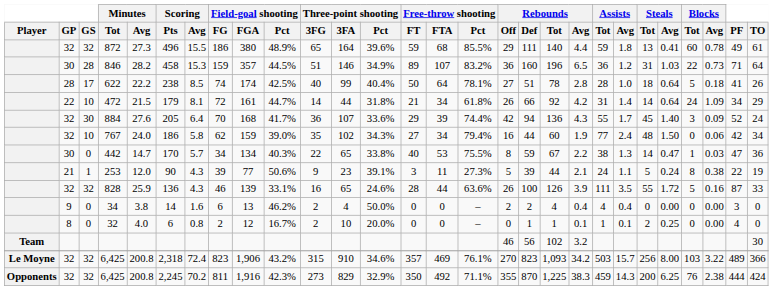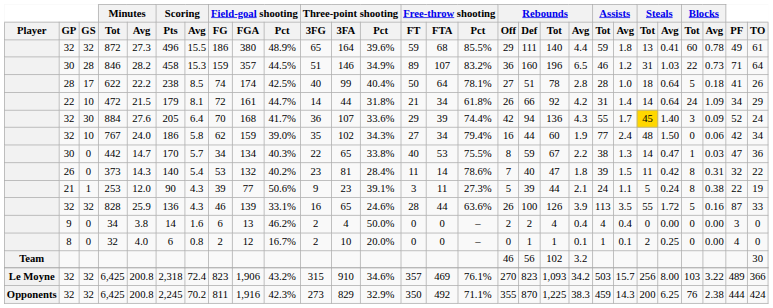 <table class="wikitable sortable" border="1" style="font-size:90%; text-align:center;">
 <tr>
 <th colspan="3" style="background:white; border-top-style:hidden; border-left-style:hidden;"> </th>
 <th colspan="2">Minutes</th>
 <th colspan="2">Scoring</th>
 <th colspan="3"><a href='#'><span>Field-goal</span></a> shooting</th>
 <th colspan="3">Three-point shooting</th>
 <th colspan="3"><a href='#'><span>Free-throw</span></a> shooting</th>
 <th colspan="4"><a href='#'><span>Rebounds</span></a></th>
 <th colspan="2"><a href='#'><span>Assists</span></a></th>
 <th colspan="2"><a href='#'><span>Steals</span></a></th>
 <th colspan="2"><a href='#'><span>Blocks</span></a></th>
 <th colspan="2" style="background:white; border-top-style:hidden; border-right-style:hidden;"> </th>
 </tr>
 <tr>
 <th scope="col">Player</th>
 <th scope="col">GP</th>
 <th scope="col">GS</th>
 <th scope="col">Tot</th>
 <th scope="col">Avg</th>
 <th scope="col">Pts</th>
 <th scope="col">Avg</th>
 <th scope="col">FG</th>
 <th scope="col">FGA</th>
 <th scope="col">Pct</th>
 <th scope="col">3FG</th>
 <th scope="col">3FA</th>
 <th scope="col">Pct</th>
 <th scope="col">FT</th>
 <th scope="col">FTA</th>
 <th scope="col">Pct</th>
 <th scope="col">Off</th>
 <th scope="col">Def</th>
 <th scope="col">Tot</th>
 <th scope="col">Avg</th>
 <th scope="col">Tot</th>
 <th scope="col">Avg</th>
 <th scope="col">Tot</th>
 <th scope="col">Avg</th>
 <th scope="col">Tot</th>
 <th scope="col">Avg</th>
 <th scope="col">PF</th>
 <th scope="col">TO</th>
 </tr>
 <tr>
 <th style=white-space:nowrap></th>
 <td>32</td>
 <td>32</td>
 <td>872</td>
 <td>27.3</td>
 <td>496</td>
 <td>15.5</td>
 <td>186</td>
 <td>380</td>
 <td>48.9%</td>
 <td>65</td>
 <td>164</td>
 <td>39.6%</td>
 <td>59</td>
 <td>68</td>
 <td>85.5%</td>
 <td>29</td>
 <td>111</td>
 <td>140</td>
 <td>4.4</td>
 <td>59</td>
 <td>1.8</td>
 <td>13</td>
 <td>0.41</td>
 <td>60</td>
 <td>0.78</td>
 <td>49</td>
 <td>61</td>
 </tr>
 <tr>
 <th style=white-space:nowrap></th>
 <td>30</td>
 <td>28</td>
 <td>846</td>
 <td>28.2</td>
 <td>458</td>
 <td>15.3</td>
 <td>159</td>
 <td>357</td>
 <td>44.5%</td>
 <td>51</td>
 <td>146</td>
 <td>34.9%</td>
 <td>89</td>
 <td>107</td>
 <td>83.2%</td>
 <td>36</td>
 <td>160</td>
 <td>196</td>
 <td>6.5</td>
-<td>36</td>
+<td>46</td>
 <td>1.2</td>
 <td>31</td>
 <td>1.03</td>
 <td>22</td>
 <td>0.73</td>
 <td>71</td>
 <td>64</td>
 </tr>
 <tr>
 <th style=white-space:nowrap></th>
 <td>28</td>
 <td>17</td>
 <td>622</td>
 <td>22.2</td>
 <td>238</td>
 <td>8.5</td>
 <td>74</td>
 <td>174</td>
 <td>42.5%</td>
 <td>40</td>
 <td>99</td>
 <td>40.4%</td>
 <td>50</td>
 <td>64</td>
 <td>78.1%</td>
 <td>27</td>
 <td>51</td>
 <td>78</td>
 <td>2.8</td>
 <td>28</td>
 <td>1.0</td>
 <td>18</td>
 <td>0.64</td>
 <td>5</td>
 <td>0.18</td>
 <td>41</td>
 <td>26</td>
 </tr>
 <tr>
 <th style=white-space:nowrap></th>
 <td>22</td>
 <td>10</td>
 <td>472</td>
 <td>21.5</td>
 <td>179</td>
 <td>8.1</td>
 <td>72</td>
 <td>161</td>
 <td>44.7%</td>
 <td>14</td>
 <td>44</td>
 <td>31.8%</td>
 <td>21</td>
 <td>34</td>
 <td>61.8%</td>
 <td>26</td>
 <td>66</td>
 <td>92</td>
 <td>4.2</td>
 <td>31</td>
 <td>1.4</td>
 <td>14</td>
 <td>0.64</td>
 <td>24</td>
 <td>1.09</td>
 <td>34</td>
 <td>29</td>
 </tr>
 <tr>
 <th style=white-space:nowrap></th>
 <td>32</td>
 <td>30</td>
 <td>884</td>
 <td>27.6</td>
 <td>205</td>
 <td>6.4</td>
 <td>70</td>
 <td>168</td>
 <td>41.7%</td>
 <td>36</td>
 <td>107</td>
 <td>33.6%</td>
 <td>29</td>
 <td>39</td>
 <td>74.4%</td>
 <td>42</td>
 <td>94</td>
 <td>136</td>
 <td>4.3</td>
 <td>55</td>
 <td>1.7</td>
-<td>45</td>
+<td style="background: gold;">45</td>
 <td>1.40</td>
 <td>3</td>
 <td>0.09</td>
 <td>52</td>
 <td>24</td>
 </tr>
 <tr>
 <th style=white-space:nowrap></th>
 <td>32</td>
 <td>10</td>
 <td>767</td>
 <td>24.0</td>
 <td>186</td>
 <td>5.8</td>
 <td>62</td>
 <td>159</td>
 <td>39.0%</td>
 <td>35</td>
 <td>102</td>
 <td>34.3%</td>
 <td>27</td>
 <td>34</td>
 <td>79.4%</td>
 <td>16</td>
 <td>44</td>
 <td>60</td>
 <td>1.9</td>
 <td>77</td>
 <td>2.4</td>
 <td>48</td>
 <td>1.50</td>
 <td>0</td>
 <td>0.06</td>
 <td>42</td>
 <td>34</td>
 </tr>
 <tr>
 <th style=white-space:nowrap></th>
 <td>30</td>
 <td>0</td>
 <td>442</td>
 <td>14.7</td>
 <td>170</td>
 <td>5.7</td>
 <td>34</td>
 <td>134</td>
 <td>40.3%</td>
 <td>22</td>
 <td>65</td>
 <td>33.8%</td>
 <td>40</td>
 <td>53</td>
 <td>75.5%</td>
 <td>8</td>
 <td>59</td>
 <td>67</td>
 <td>2.2</td>
 <td>38</td>
 <td>1.3</td>
 <td>14</td>
 <td>0.47</td>
 <td>1</td>
 <td>0.03</td>
 <td>47</td>
 <td>36</td>
 </tr>
 <tr>
 <th style=white-space:nowrap></th>
+<td>26</td>
+<td>0</td>
+<td>373</td>
+<td>14.3</td>
+<td>140</td>
+<td>5.4</td>
+<td>53</td>
+<td>132</td>
+<td>40.2%</td>
+<td>23</td>
+<td>81</td>
+<td>28.4%</td>
+<td>11</td>
+<td>14</td>
+<td>78.6%</td>
+<td>7</td>
+<td>40</td>
+<td>47</td>
+<td>1.8</td>
+<td>39</td>
+<td>1.5</td>
+<td>11</td>
+<td>0.42</td>
+<td>8</td>
+<td>0.31</td>
+<td>32</td>
+<td>22</td>
+</tr>
+<tr>
+<th style=white-space:nowrap></th>
 <td>21</td>
 <td>1</td>
 <td>253</td>
 <td>12.0</td>
 <td>90</td>
 <td>4.3</td>
 <td>39</td>
 <td>77</td>
 <td>50.6%</td>
 <td>9</td>
 <td>23</td>
 <td>39.1%</td>
 <td>3</td>
 <td>11</td>
 <td>27.3%</td>
 <td>5</td>
 <td>39</td>
 <td>44</td>
 <td>2.1</td>
 <td>24</td>
 <td>1.1</td>
 <td>5</td>
 <td>0.24</td>
 <td>8</td>
 <td>0.38</td>
 <td>22</td>
 <td>19</td>
 </tr>
 <tr>
 <th style=white-space:nowrap></th>
 <td>32</td>
 <td>32</td>
 <td>828</td>
 <td>25.9</td>
 <td>136</td>
 <td>4.3</td>
 <td>46</td>
 <td>139</td>
 <td>33.1%</td>
 <td>16</td>
 <td>65</td>
 <td>24.6%</td>
 <td>28</td>
 <td>44</td>
 <td>63.6%</td>
 <td>26</td>
 <td>100</td>
 <td>126</td>
 <td>3.9</td>
-<td>111</td>
+<td>113</td>
 <td>3.5</td>
 <td>55</td>
 <td>1.72</td>
 <td>5</td>
 <td>0.16</td>
 <td>87</td>
 <td>33</td>
 </tr>
 <tr>
 <th style=white-space:nowrap></th>
 <td>9</td>
 <td>0</td>
 <td>34</td>
 <td>3.8</td>
 <td>14</td>
 <td>1.6</td>
 <td>6</td>
 <td>13</td>
 <td>46.2%</td>
 <td>2</td>
 <td>4</td>
 <td>50.0%</td>
 <td>0</td>
 <td>0</td>
 <td>–</td>
 <td>2</td>
 <td>2</td>
 <td>4</td>
 <td>0.4</td>
 <td>4</td>
 <td>0.4</td>
 <td>0</td>
 <td>0.00</td>
 <td>0</td>
 <td>0.00</td>
 <td>3</td>
 <td>0</td>
 </tr>
 <tr>
 <th style=white-space:nowrap></th>
 <td>8</td>
 <td>0</td>
 <td>32</td>
 <td>4.0</td>
 <td>6</td>
 <td>0.8</td>
 <td>2</td>
 <td>12</td>
 <td>16.7%</td>
 <td>2</td>
 <td>10</td>
 <td>20.0%</td>
 <td>0</td>
 <td>0</td>
 <td>–</td>
 <td>0</td>
 <td>1</td>
 <td>1</td>
 <td>0.1</td>
 <td>1</td>
 <td>0.1</td>
 <td>2</td>
 <td>0.25</td>
 <td>0</td>
 <td>0.00</td>
 <td>4</td>
 <td>0</td>
 </tr>
 <tr class="sortbottom">
 <th style=white-space:nowrap>Team</th>
 <td></td>
 <td></td>
 <td></td>
 <td></td>
 <td></td>
 <td></td>
 <td></td>
 <td></td>
 <td></td>
 <td></td>
 <td></td>
 <td></td>
 <td></td>
 <td></td>
 <td></td>
 <td>46</td>
 <td>56</td>
 <td>102</td>
 <td>3.2</td>
 <td></td>
 <td></td>
 <td></td>
 <td></td>
 <td></td>
 <td></td>
 <td></td>
 <td>30</td>
 </tr>
 <tr>
 </tr>
 <tr>
 </tr>
 <tr>
 </tr>
 <tr class="sortbottom">
 <th align="center">Le Moyne</th>
 <td align="center">32</td>
 <td align="center">32</td>
 <td align="center">6,425</td>
 <td align="center">200.8</td>
 <td align="center">2,318</td>
 <td align="center">72.4</td>
 <td align="center">823</td>
 <td align="center">1,906</td>
 <td align="center">43.2%</td>
 <td align="center">315</td>
 <td align="center">910</td>
 <td align="center">34.6%</td>
 <td align="center">357</td>
 <td align="center">469</td>
 <td align="center">76.1%</td>
 <td align="center">270</td>
 <td align="center">823</td>
 <td align="center">1,093</td>
 <td align="center">34.2</td>
 <td align="center">503</td>
 <td align="center">15.7</td>
 <td align="center">256</td>
 <td align="center">8.00</td>
 <td align="center">103</td>
 <td align="center">3.22</td>
 <td align="center">489</td>
 <td align="center">366</td>
 </tr>
 <tr class="sortbottom">
 <th>Opponents</th>
 <td>32</td>
 <td>32</td>
 <td>6,425</td>
 <td>200.8</td>
 <td>2,245</td>
 <td>70.2</td>
 <td>811</td>
 <td>1,916</td>
 <td>42.3%</td>
 <td>273</td>
 <td>829</td>
 <td>32.9%</td>
 <td>350</td>
 <td>492</td>
 <td>71.1%</td>
 <td>355</td>
 <td>870</td>
 <td>1,225</td>
 <td>38.3</td>
 <td>459</td>
 <td>14.3</td>
 <td>200</td>
 <td>6.25</td>
 <td>76</td>
 <td>2.38</td>
 <td>444</td>
 <td>424</td>
 </tr>
 </table>
